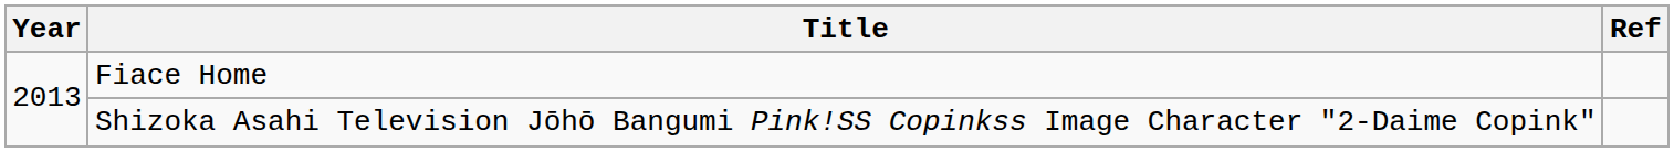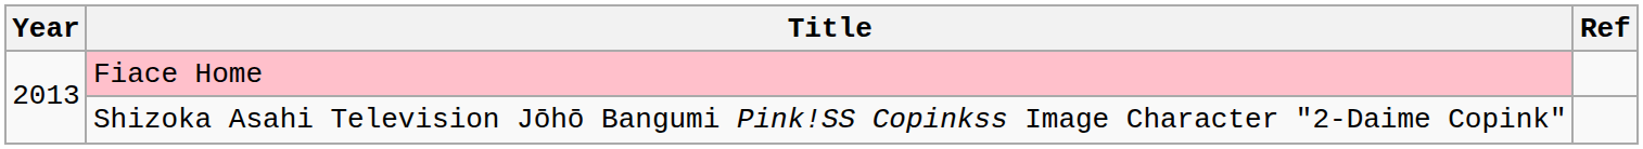 <table class="wikitable">
 <tr>
 <th>Year</th>
 <th>Title</th>
 <th>Ref</th>
 </tr>
 <tr>
 <td rowspan="2">2013</td>
-<td>Fiace Home</td>
+<td style="background: pink;">Fiace Home</td>
 <td></td>
 </tr>
 <tr>
 <td>Shizoka Asahi Television Jōhō Bangumi <em>Pink!SS</em> <em>Copinkss</em> Image Character "2-Daime Copink"</td>
 <td></td>
 </tr>
 </table>
